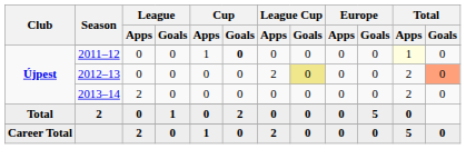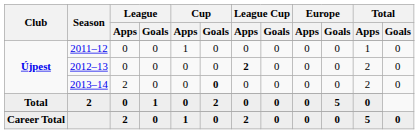 <table class="wikitable" style="font-size:90%; text-align: center;">
 <tr>
 <th rowspan="2">Club</th>
 <th rowspan="2">Season</th>
 <th colspan="2">League</th>
 <th colspan="2">Cup</th>
 <th colspan="2">League Cup</th>
 <th colspan="2">Europe</th>
 <th colspan="2">Total</th>
 </tr>
 <tr>
 <th>Apps</th>
 <th>Goals</th>
 <th>Apps</th>
 <th>Goals</th>
 <th>Apps</th>
 <th>Goals</th>
 <th>Apps</th>
 <th>Goals</th>
 <th>Apps</th>
 <th>Goals</th>
 </tr>
 <tr ||-||-||-|->
 <td rowspan="5" valign="center"><strong><a href='#'>Újpest</a></strong></td>
 </tr>
 <tr>
 <td><a href='#'>2011–12</a></td>
 <td>0</td>
 <td>0</td>
 <td>1</td>
-<td><strong>0</strong></td>
 <td>0</td>
 <td>0</td>
 <td>0</td>
 <td>0</td>
-<td style="background: lightyellow;">1</td>
+<td>0</td>
+<td>1</td>
 <td>0</td>
 </tr>
 <tr>
 <td><a href='#'>2012–13</a></td>
 <td>0</td>
 <td>0</td>
 <td>0</td>
 <td>0</td>
-<td>2</td>
-<td style="background: khaki;">0</td>
+<td><strong>2</strong></td>
+<td>0</td>
 <td>0</td>
 <td>0</td>
 <td>2</td>
-<td style="background: lightsalmon;">0</td>
+<td>0</td>
 </tr>
 <tr>
 <td><a href='#'>2013–14</a></td>
 <td>2</td>
 <td>0</td>
 <td>0</td>
-<td>0</td>
+<td><strong>0</strong></td>
 <td>0</td>
 <td>0</td>
 <td>0</td>
 <td>0</td>
 <td>2</td>
 <td>0</td>
 </tr>
 <tr>
 </tr>
 <tr style="font-weight:bold; background-color:#eeeeee;">
 <td>Total</td>
 <td>2</td>
 <td>0</td>
 <td>1</td>
 <td>0</td>
 <td>2</td>
 <td>0</td>
 <td>0</td>
 <td>0</td>
 <td>5</td>
 <td>0</td>
 </tr>
 <tr>
 </tr>
 <tr style="font-weight:bold; background-color:#eeeeee;">
 <td rowspan="2" valign="top"><strong>Career Total</strong></td>
 <td></td>
 <td><strong>2</strong></td>
 <td><strong>0</strong></td>
 <td><strong>1</strong></td>
 <td><strong>0</strong></td>
 <td><strong>2</strong></td>
 <td><strong>0</strong></td>
 <td><strong>0</strong></td>
 <td><strong>0</strong></td>
 <td><strong>5</strong></td>
 <td><strong>0</strong></td>
 </tr>
 </table>
